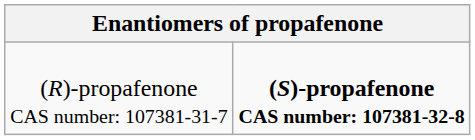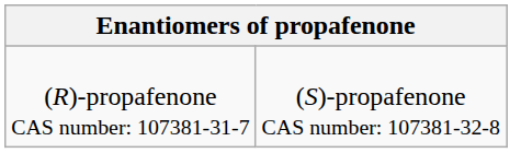 <table class="wikitable" style="text-align:center">
 <tr class="hintergrundfarbe6">
 <th colspan="2">Enantiomers of propafenone</th>
 </tr>
 <tr>
 <td><br>(<em>R</em>)-propafenone<br><small> CAS number: 107381-31-7</small></td>
-<td><strong><br>(<em>S</em>)-propafenone<br><small> CAS number: 107381-32-8</small></strong></td>
+<td><br>(<em>S</em>)-propafenone<br><small> CAS number: 107381-32-8</small></td>
 </tr>
 </table>
